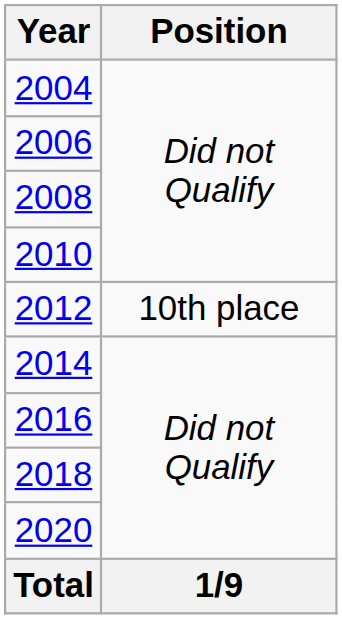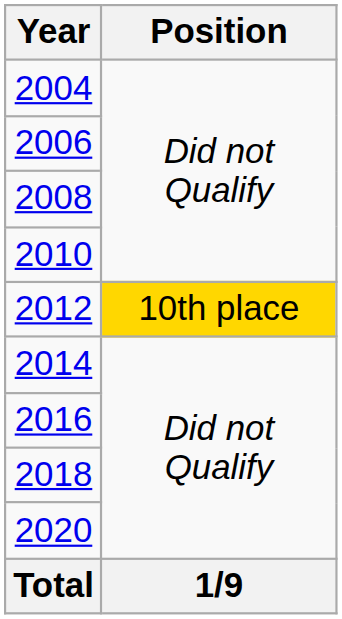 <table class="wikitable" style="text-align: center;">
 <tr>
 <th>Year</th>
 <th width="100">Position</th>
 </tr>
 <tr>
 <td> <a href='#'>2004</a></td>
 <td colspan="2" rowspan=4><em>Did not Qualify</em></td>
 </tr>
 <tr>
 <td> <a href='#'>2006</a></td>
 </tr>
 <tr>
 <td> <a href='#'>2008</a></td>
 </tr>
 <tr>
 <td> <a href='#'>2010</a></td>
 </tr>
 <tr>
 <td> <a href='#'>2012</a></td>
-<td>10th place</td>
+<td style="background: gold;">10th place</td>
 </tr>
 <tr>
 <td> <a href='#'>2014</a></td>
 <td colspan="2" rowspan=4><em>Did not Qualify</em></td>
 </tr>
 <tr>
 <td> <a href='#'>2016</a></td>
 </tr>
 <tr>
 <td> <a href='#'>2018</a></td>
 </tr>
 <tr>
 <td> <a href='#'>2020</a></td>
 </tr>
 <tr>
 <th>Total</th>
 <th>1/9</th>
 </tr>
 </table>
